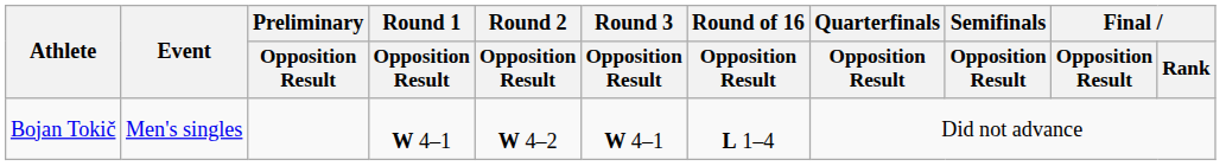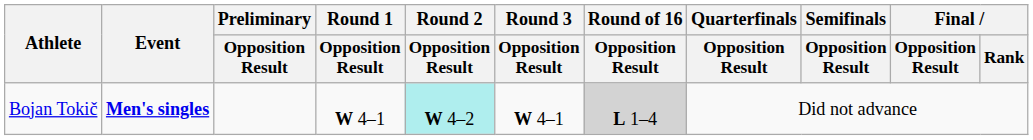 <table class="wikitable" style="font-size:90%;">
 <tr>
 <th rowspan=2>Athlete</th>
 <th rowspan=2>Event</th>
 <th>Preliminary</th>
 <th>Round 1</th>
 <th>Round 2</th>
 <th>Round 3</th>
 <th>Round of 16</th>
 <th>Quarterfinals</th>
 <th>Semifinals</th>
 <th colspan=2>Final / </th>
 </tr>
 <tr style="font-size:95%">
 <th>Opposition<br>Result</th>
 <th>Opposition<br>Result</th>
 <th>Opposition<br>Result</th>
 <th>Opposition<br>Result</th>
 <th>Opposition<br>Result</th>
 <th>Opposition<br>Result</th>
 <th>Opposition<br>Result</th>
 <th>Opposition<br>Result</th>
 <th>Rank</th>
 </tr>
 <tr align=center>
 <td align=left><a href='#'>Bojan Tokič</a></td>
-<td align=left><a href='#'>Men's singles</a></td>
+<td align=left><strong><a href='#'>Men's singles</a></strong></td>
 <td></td>
 <td><br><strong>W</strong> 4–1</td>
-<td><br><strong>W</strong> 4–2</td>
+<td style="background: paleturquoise;"><br><strong>W</strong> 4–2</td>
 <td><br><strong>W</strong> 4–1</td>
-<td><br><strong>L</strong> 1–4</td>
+<td style="background: lightgrey;"><br><strong>L</strong> 1–4</td>
 <td colspan=4>Did not advance</td>
 </tr>
 </table>
